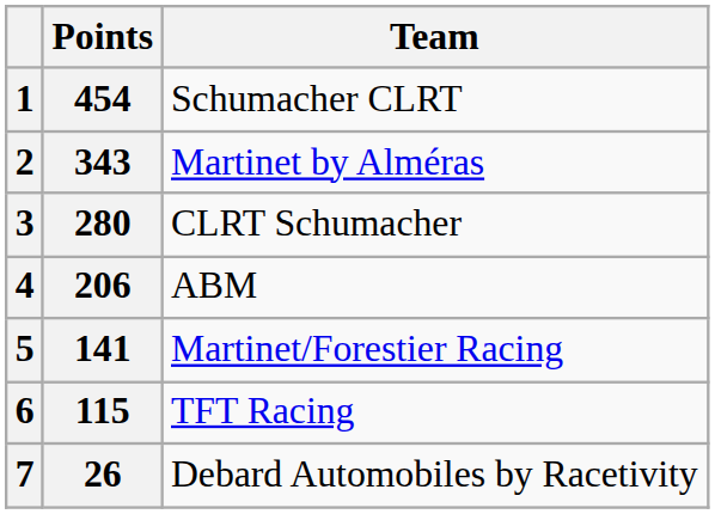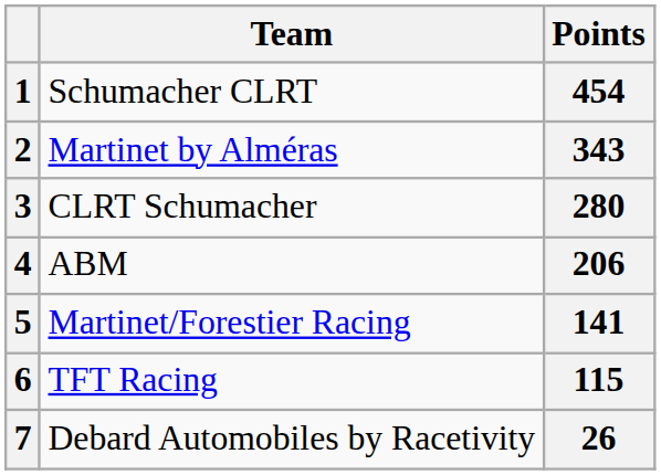 <table class="wikitable" style="font-size:85%">
 <tr>
 <th></th>
+<th>Team</th>
 <th>Points</th>
-<th>Team</th>
 </tr>
 <tr>
 <th>1</th>
+<td> Schumacher CLRT</td>
 <th>454</th>
-<td> Schumacher CLRT</td>
 </tr>
 <tr>
 <th>2</th>
+<td> <a href='#'>Martinet by Alméras</a></td>
 <th>343</th>
-<td> <a href='#'>Martinet by Alméras</a></td>
 </tr>
 <tr>
 <th>3</th>
+<td> CLRT Schumacher</td>
 <th>280</th>
-<td> CLRT Schumacher</td>
 </tr>
 <tr>
 <th>4</th>
+<td> ABM</td>
 <th>206</th>
-<td> ABM</td>
 </tr>
 <tr>
 <th>5</th>
+<td> <a href='#'>Martinet/Forestier Racing</a></td>
 <th>141</th>
-<td> <a href='#'>Martinet/Forestier Racing</a></td>
 </tr>
 <tr>
 <th>6</th>
+<td> <a href='#'>TFT Racing</a></td>
 <th>115</th>
-<td> <a href='#'>TFT Racing</a></td>
 </tr>
 <tr>
 <th>7</th>
+<td> Debard Automobiles by Racetivity</td>
 <th>26</th>
-<td> Debard Automobiles by Racetivity</td>
 </tr>
 </table>
